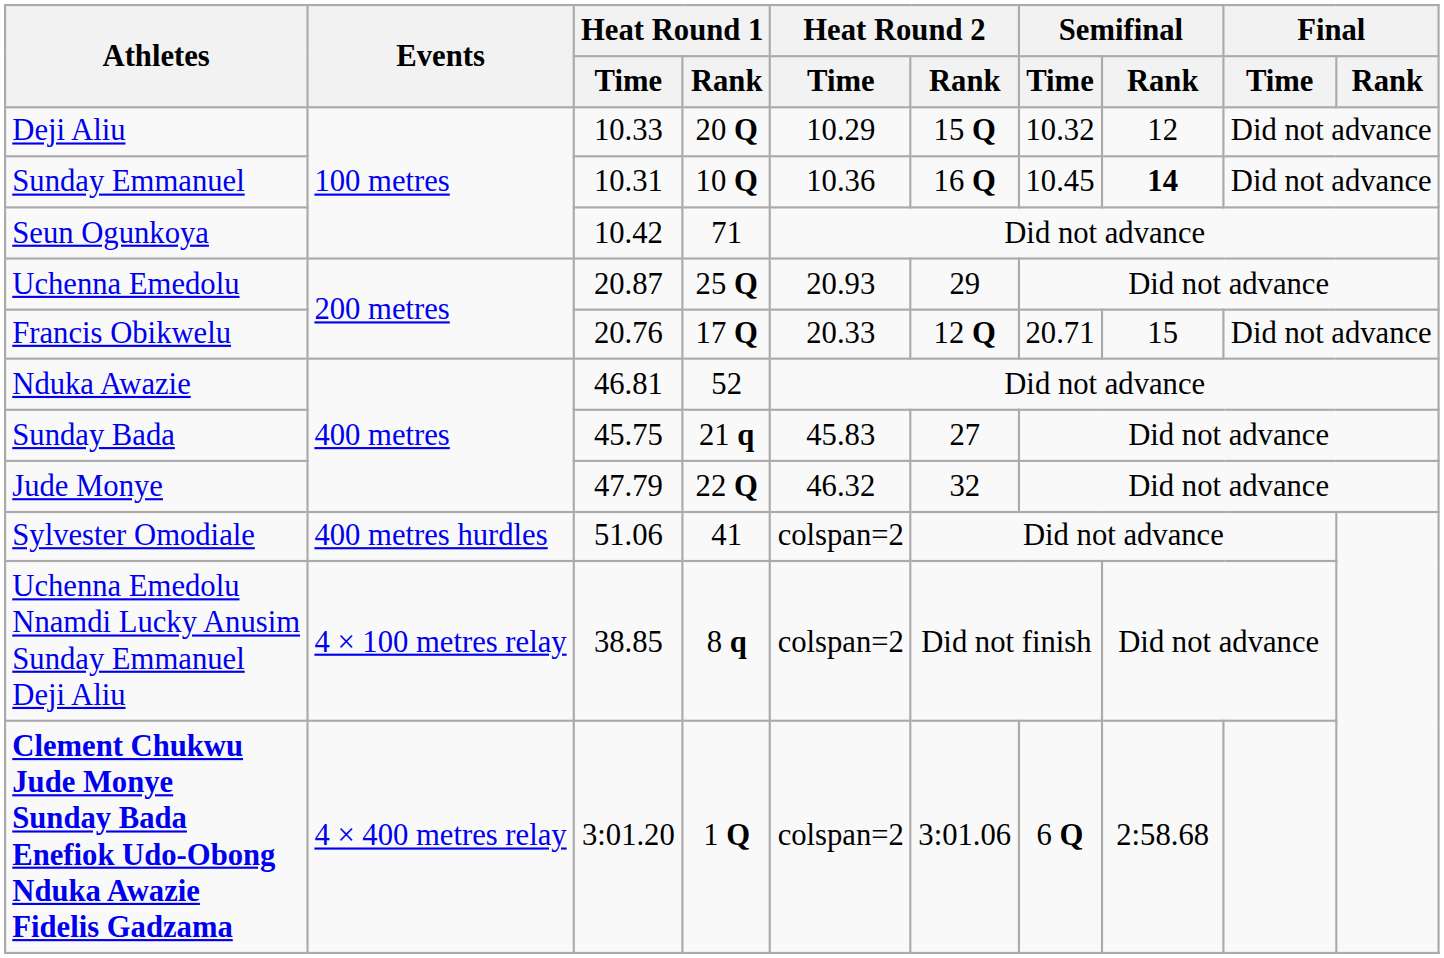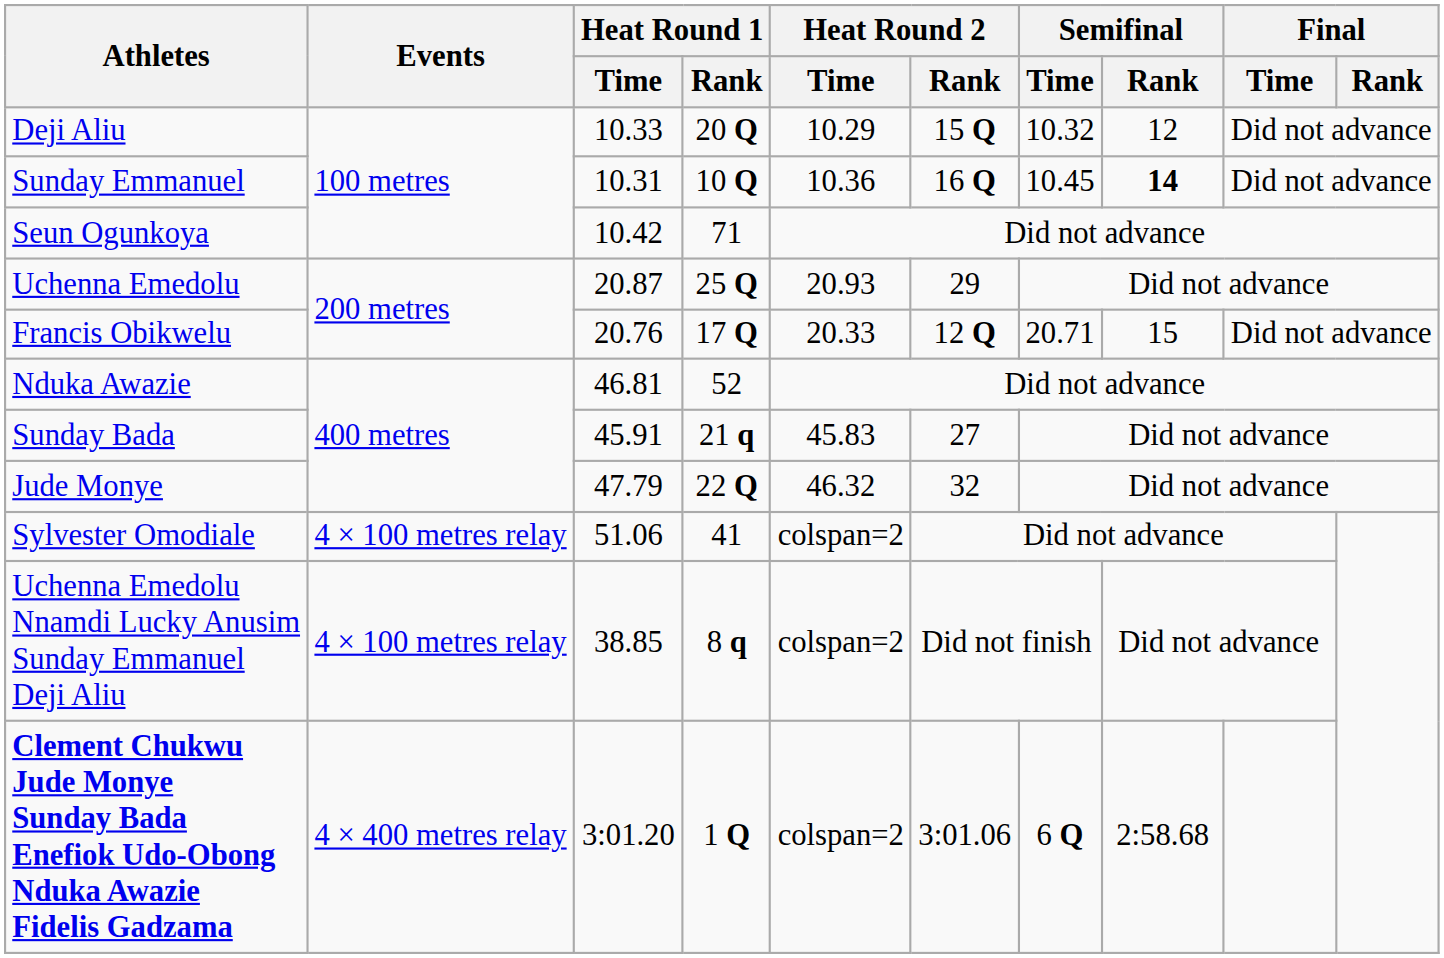 <table class=wikitable style=font-size:90%>
 <tr>
 <th rowspan=2>Athletes</th>
 <th rowspan=2>Events</th>
 <th colspan=2>Heat Round 1</th>
 <th colspan=2>Heat Round 2</th>
 <th colspan=2>Semifinal</th>
 <th colspan=2>Final</th>
 </tr>
 <tr>
 <th>Time</th>
 <th>Rank</th>
 <th>Time</th>
 <th>Rank</th>
 <th>Time</th>
 <th>Rank</th>
 <th>Time</th>
 <th>Rank</th>
 </tr>
 <tr>
 <td><a href='#'>Deji Aliu</a></td>
 <td rowspan=3><a href='#'>100 metres</a></td>
 <td align=center>10.33</td>
 <td align=center>20 <strong>Q</strong></td>
 <td align=center>10.29</td>
 <td align=center>15 <strong>Q</strong></td>
 <td align=center>10.32</td>
 <td align=center>12</td>
 <td align=center colspan=2>Did not advance</td>
 </tr>
 <tr>
 <td><a href='#'>Sunday Emmanuel</a></td>
 <td align=center>10.31</td>
 <td align=center>10 <strong>Q</strong></td>
 <td align=center>10.36</td>
 <td align=center>16 <strong>Q</strong></td>
 <td align=center>10.45</td>
 <td align=center><strong>14</strong></td>
 <td align=center colspan=2>Did not advance</td>
 </tr>
 <tr>
 <td><a href='#'>Seun Ogunkoya</a></td>
 <td align=center>10.42</td>
 <td align=center>71</td>
 <td align=center colspan=6>Did not advance</td>
 </tr>
 <tr>
 <td><a href='#'>Uchenna Emedolu</a></td>
 <td rowspan=2><a href='#'>200 metres</a></td>
 <td align=center>20.87</td>
 <td align=center>25 <strong>Q</strong></td>
 <td align=center>20.93</td>
 <td align=center>29</td>
 <td align=center colspan=4>Did not advance</td>
 </tr>
 <tr>
 <td><a href='#'>Francis Obikwelu</a></td>
 <td align=center>20.76</td>
 <td align=center>17 <strong>Q</strong></td>
 <td align=center>20.33</td>
 <td align=center>12 <strong>Q</strong></td>
 <td align=center>20.71</td>
 <td align=center>15</td>
 <td align=center colspan=2>Did not advance</td>
 </tr>
 <tr>
 <td><a href='#'>Nduka Awazie</a></td>
 <td rowspan=3><a href='#'>400 metres</a></td>
 <td align=center>46.81</td>
 <td align=center>52</td>
 <td align=center colspan=6>Did not advance</td>
 </tr>
 <tr>
 <td><a href='#'>Sunday Bada</a></td>
-<td align=center>45.75</td>
+<td align=center>45.91</td>
 <td align=center>21 <strong>q</strong></td>
 <td align=center>45.83</td>
 <td align=center>27</td>
 <td align=center colspan=6>Did not advance</td>
 </tr>
 <tr>
 <td><a href='#'>Jude Monye</a></td>
 <td align=center>47.79</td>
 <td align=center>22 <strong>Q</strong></td>
 <td align=center>46.32</td>
 <td align=center>32</td>
 <td align=center colspan=6>Did not advance</td>
 </tr>
 <tr>
 <td><a href='#'>Sylvester Omodiale</a></td>
-<td><a href='#'>400 metres hurdles</a></td>
+<td><a href='#'>4 × 100 metres relay</a></td>
 <td align=center>51.06</td>
 <td align=center>41</td>
 <td>colspan=2</td>
 <td align=center colspan=4>Did not advance</td>
 </tr>
 <tr>
 <td><a href='#'>Uchenna Emedolu</a><br><a href='#'>Nnamdi Lucky Anusim</a><br><a href='#'>Sunday Emmanuel</a><br><a href='#'>Deji Aliu</a></td>
 <td><a href='#'>4 × 100 metres relay</a></td>
 <td align=center>38.85</td>
 <td align=center>8 <strong>q</strong></td>
 <td>colspan=2</td>
 <td align=center colspan=2>Did not finish</td>
 <td align=center colspan=2>Did not advance</td>
 </tr>
 <tr>
 <td><strong><a href='#'>Clement Chukwu</a><br><a href='#'>Jude Monye</a><br><a href='#'>Sunday Bada</a><br><a href='#'>Enefiok Udo-Obong</a><br><a href='#'>Nduka Awazie</a><br><a href='#'>Fidelis Gadzama</a></strong></td>
 <td><a href='#'>4 × 400 metres relay</a></td>
 <td align=center>3:01.20</td>
 <td align=center>1 <strong>Q</strong></td>
 <td>colspan=2</td>
 <td align=center>3:01.06</td>
 <td align=center>6 <strong>Q</strong></td>
 <td align=center>2:58.68</td>
 <td align=center></td>
 </tr>
 </table>
